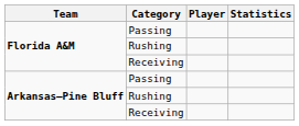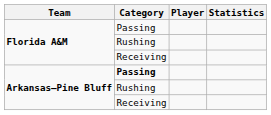 <table class="wikitable" style="float: left;">
 <tr>
 <th>Team</th>
 <th>Category</th>
 <th>Player</th>
 <th>Statistics</th>
 </tr>
 <tr>
 <td rowspan=3><strong>Florida A&M</strong></td>
 <td>Passing</td>
 <td> </td>
 <td> </td>
 </tr>
 <tr>
 <td>Rushing</td>
 <td> </td>
 <td> </td>
 </tr>
 <tr>
 <td>Receiving</td>
 <td> </td>
 <td> </td>
 </tr>
 <tr>
 <td rowspan=3><strong>Arkansas–Pine Bluff</strong></td>
-<td>Passing</td>
+<td><strong>Passing</strong></td>
 <td> </td>
 <td> </td>
 </tr>
 <tr>
 <td>Rushing</td>
 <td> </td>
 <td> </td>
 </tr>
 <tr>
 <td>Receiving</td>
 <td> </td>
 <td> </td>
 </tr>
 </table>
